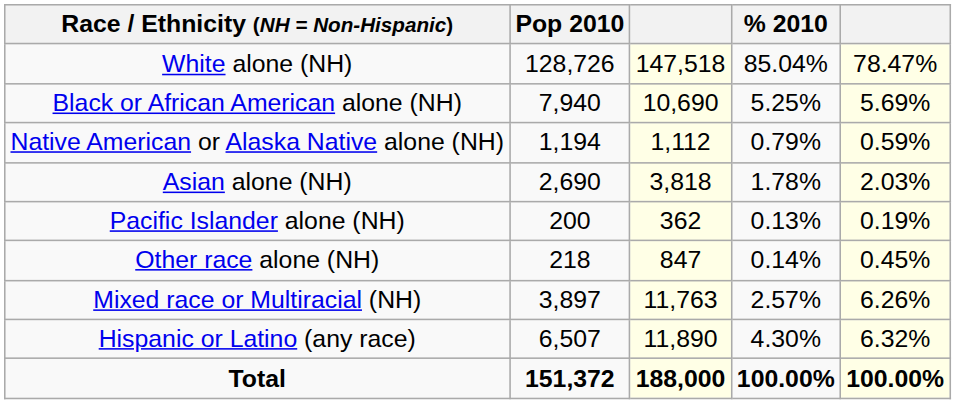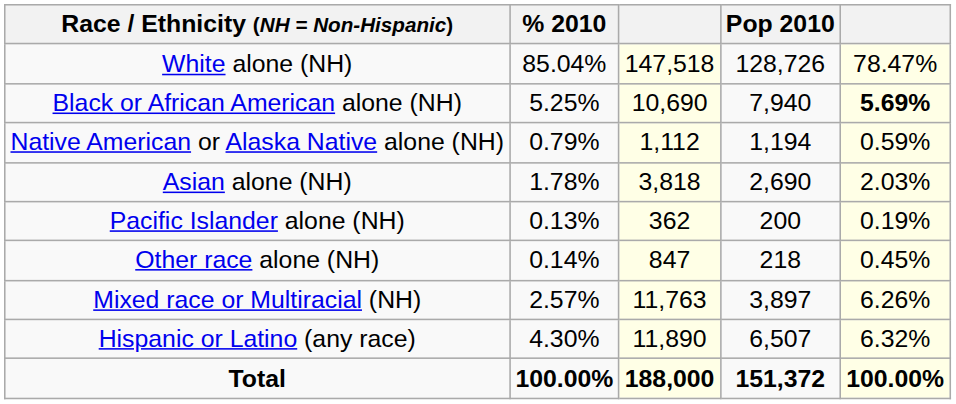 <table class="wikitable" style="text-align:center;">
 <tr>
 <th>Race / Ethnicity <small>(<em>NH = Non-Hispanic</em>)</small></th>
+<th>% 2010</th>
+<th></th>
 <th>Pop 2010</th>
-<th></th>
-<th>% 2010</th>
 <th></th>
 </tr>
 <tr>
 <td><a href='#'>White</a> alone (NH)</td>
+<td>85.04%</td>
+<td style='background: #ffffe6;'>147,518</td>
 <td>128,726</td>
-<td style='background: #ffffe6;'>147,518</td>
-<td>85.04%</td>
 <td style='background: #ffffe6;'>78.47%</td>
 </tr>
 <tr>
 <td><a href='#'>Black or African American</a> alone (NH)</td>
+<td>5.25%</td>
+<td style='background: #ffffe6;'>10,690</td>
 <td>7,940</td>
-<td style='background: #ffffe6;'>10,690</td>
-<td>5.25%</td>
-<td style='background: #ffffe6;'>5.69%</td>
+<td style='background: #ffffe6;'><strong>5.69%</strong></td>
 </tr>
 <tr>
 <td><a href='#'>Native American</a> or <a href='#'>Alaska Native</a> alone (NH)</td>
+<td>0.79%</td>
+<td style='background: #ffffe6;'>1,112</td>
 <td>1,194</td>
-<td style='background: #ffffe6;'>1,112</td>
-<td>0.79%</td>
 <td style='background: #ffffe6;'>0.59%</td>
 </tr>
 <tr>
 <td><a href='#'>Asian</a> alone (NH)</td>
+<td>1.78%</td>
+<td style='background: #ffffe6;'>3,818</td>
 <td>2,690</td>
-<td style='background: #ffffe6;'>3,818</td>
-<td>1.78%</td>
 <td style='background: #ffffe6;'>2.03%</td>
 </tr>
 <tr>
 <td><a href='#'>Pacific Islander</a> alone (NH)</td>
+<td>0.13%</td>
+<td style='background: #ffffe6;'>362</td>
 <td>200</td>
-<td style='background: #ffffe6;'>362</td>
-<td>0.13%</td>
 <td style='background: #ffffe6;'>0.19%</td>
 </tr>
 <tr>
 <td><a href='#'>Other race</a> alone (NH)</td>
+<td>0.14%</td>
+<td style='background: #ffffe6;'>847</td>
 <td>218</td>
-<td style='background: #ffffe6;'>847</td>
-<td>0.14%</td>
 <td style='background: #ffffe6;'>0.45%</td>
 </tr>
 <tr>
 <td><a href='#'>Mixed race or Multiracial</a> (NH)</td>
+<td>2.57%</td>
+<td style='background: #ffffe6;'>11,763</td>
 <td>3,897</td>
-<td style='background: #ffffe6;'>11,763</td>
-<td>2.57%</td>
 <td style='background: #ffffe6;'>6.26%</td>
 </tr>
 <tr>
 <td><a href='#'>Hispanic or Latino</a> (any race)</td>
+<td>4.30%</td>
+<td style='background: #ffffe6;'>11,890</td>
 <td>6,507</td>
-<td style='background: #ffffe6;'>11,890</td>
-<td>4.30%</td>
 <td style='background: #ffffe6;'>6.32%</td>
 </tr>
 <tr>
 <td><strong>Total</strong></td>
+<td><strong>100.00%</strong></td>
+<td style='background: #ffffe6;'><strong>188,000</strong></td>
 <td><strong>151,372</strong></td>
-<td style='background: #ffffe6;'><strong>188,000</strong></td>
-<td><strong>100.00%</strong></td>
 <td style='background: #ffffe6;'><strong>100.00%</strong></td>
 </tr>
 </table>
